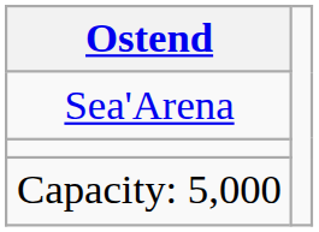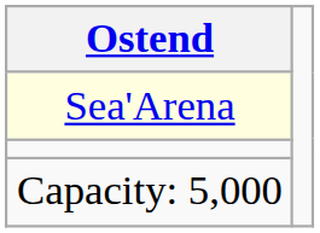 <table class="wikitable" style="text-align:center; margin:1em auto;">
 <tr>
 <th><a href='#'>Ostend</a></th>
 <td rowspan=4></td>
 </tr>
 <tr>
-<td><a href='#'>Sea'Arena</a></td>
+<td style="background: lightyellow;"><a href='#'>Sea'Arena</a></td>
 </tr>
 <tr>
 <td></td>
 </tr>
 <tr>
 <td>Capacity: 5,000</td>
 </tr>
 </table>
